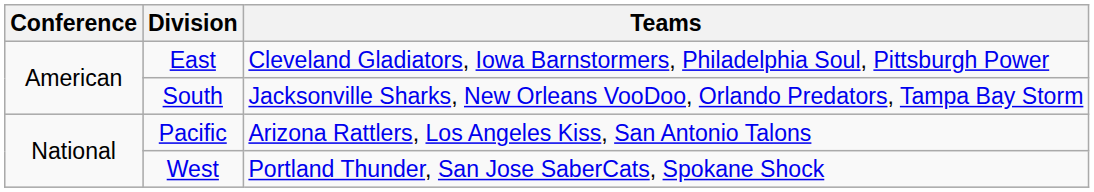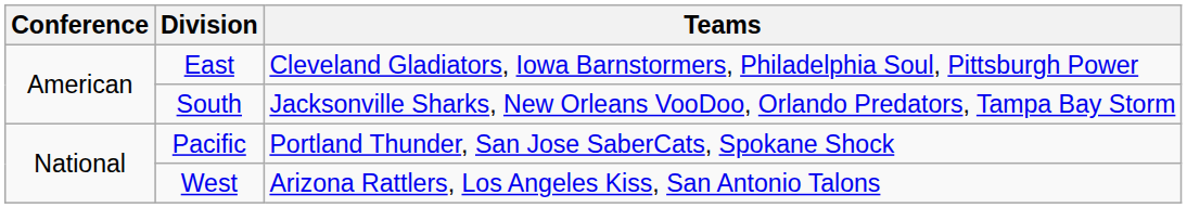 <table class="wikitable" style="font-size: 95%;">
 <tr>
 <th>Conference</th>
 <th>Division</th>
 <th>Teams</th>
 </tr>
 <tr>
 <td align="center" rowspan=2>American</td>
 <td align="center"><a href='#'>East</a></td>
 <td><a href='#'>Cleveland Gladiators</a>, <a href='#'>Iowa Barnstormers</a>, <a href='#'>Philadelphia Soul</a>, <a href='#'>Pittsburgh Power</a></td>
 </tr>
 <tr>
 <td align="center"><a href='#'>South</a></td>
 <td><a href='#'>Jacksonville Sharks</a>, <a href='#'>New Orleans VooDoo</a>, <a href='#'>Orlando Predators</a>, <a href='#'>Tampa Bay Storm</a></td>
 </tr>
 <tr>
 <td align="center" rowspan=2>National</td>
 <td align="center"><a href='#'>Pacific</a></td>
-<td><a href='#'>Arizona Rattlers</a>, <a href='#'>Los Angeles Kiss</a>, <a href='#'>San Antonio Talons</a></td>
+<td><a href='#'>Portland Thunder</a>, <a href='#'>San Jose SaberCats</a>, <a href='#'>Spokane Shock</a></td>
 </tr>
 <tr>
 <td align="center"><a href='#'>West</a></td>
-<td><a href='#'>Portland Thunder</a>, <a href='#'>San Jose SaberCats</a>, <a href='#'>Spokane Shock</a></td>
+<td><a href='#'>Arizona Rattlers</a>, <a href='#'>Los Angeles Kiss</a>, <a href='#'>San Antonio Talons</a></td>
 </tr>
 </table>
